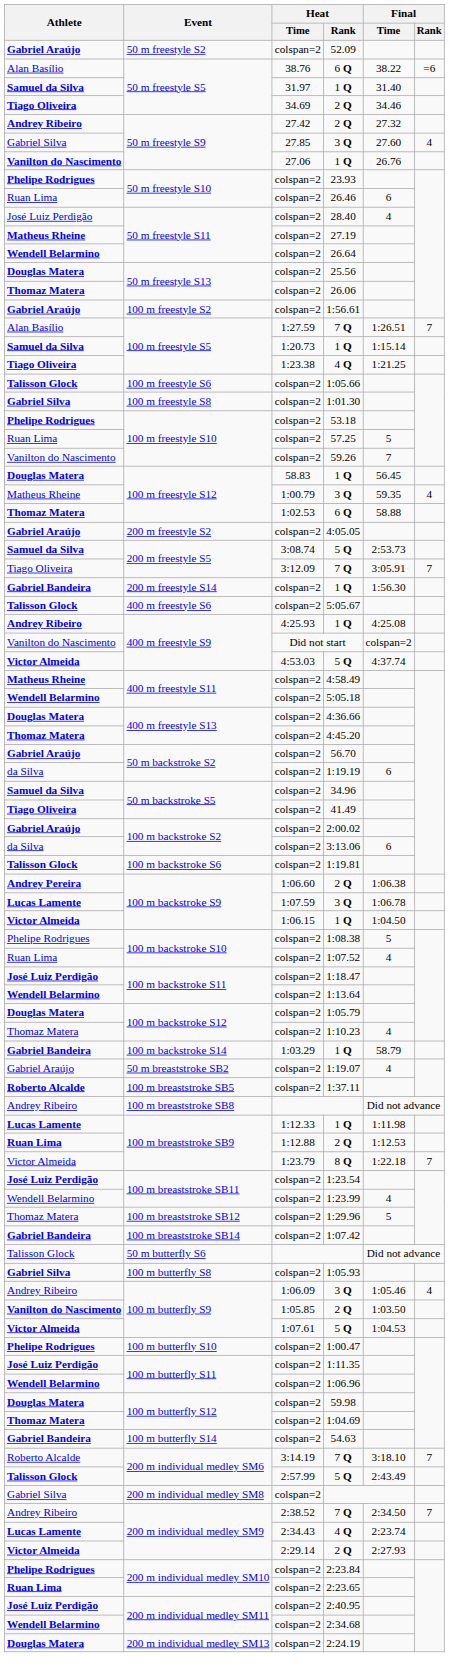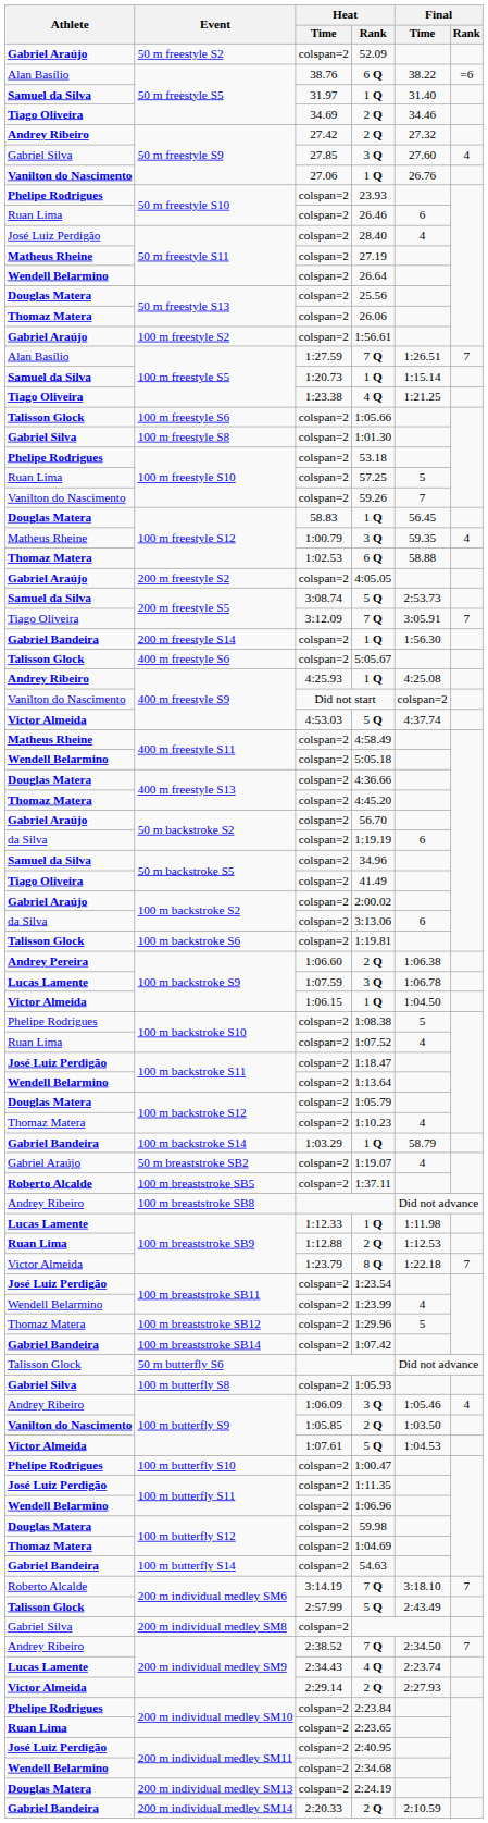 <table class=wikitable style=font-size:90%;text-align:center>
 <tr>
 <th rowspan=2>Athlete</th>
 <th rowspan=2>Event</th>
 <th colspan=2>Heat</th>
 <th colspan=2>Final</th>
 </tr>
 <tr style=font-size:95%>
 <th>Time</th>
 <th>Rank</th>
 <th>Time</th>
 <th>Rank</th>
 </tr>
 <tr align=center>
 <td align=left><strong><a href='#'>Gabriel Araújo</a></strong></td>
 <td align=left><a href='#'>50 m freestyle S2</a></td>
 <td>colspan=2 </td>
 <td>52.09</td>
 <td></td>
 </tr>
 <tr align=center>
 <td align=left><a href='#'>Alan Basílio</a></td>
 <td align=left rowspan=3><a href='#'>50 m freestyle S5</a></td>
 <td>38.76</td>
 <td>6 <strong>Q</strong></td>
 <td>38.22</td>
 <td>=6</td>
 </tr>
 <tr align=center>
 <td align=left><strong><a href='#'>Samuel da Silva</a></strong></td>
 <td>31.97</td>
 <td>1 <strong>Q</strong></td>
 <td>31.40</td>
 <td></td>
 </tr>
 <tr align=center>
 <td align=left><strong><a href='#'>Tiago Oliveira</a></strong></td>
 <td>34.69</td>
 <td>2 <strong>Q</strong></td>
 <td>34.46</td>
 <td></td>
 </tr>
 <tr align=center>
 <td align=left><strong><a href='#'>Andrey Ribeiro</a></strong></td>
 <td align=left rowspan=3><a href='#'>50 m freestyle S9</a></td>
 <td>27.42</td>
 <td>2 <strong>Q</strong></td>
 <td>27.32</td>
 <td></td>
 </tr>
 <tr align=center>
 <td align=left><a href='#'>Gabriel Silva</a></td>
 <td>27.85</td>
 <td>3 <strong>Q</strong></td>
 <td>27.60</td>
 <td>4</td>
 </tr>
 <tr align=center>
 <td align=left><strong><a href='#'>Vanilton do Nascimento</a></strong></td>
 <td>27.06</td>
 <td>1 <strong>Q</strong></td>
 <td>26.76</td>
 <td></td>
 </tr>
 <tr align=center>
 <td align=left><strong><a href='#'>Phelipe Rodrigues</a></strong></td>
 <td align=left rowspan=2><a href='#'>50 m freestyle S10</a></td>
 <td>colspan=2 </td>
 <td>23.93</td>
 <td></td>
 </tr>
 <tr align=center>
 <td align=left><a href='#'>Ruan Lima</a></td>
 <td>colspan=2 </td>
 <td>26.46</td>
 <td>6</td>
 </tr>
 <tr align=center>
 <td align=left><a href='#'>José Luiz Perdigão</a></td>
 <td align=left rowspan=3><a href='#'>50 m freestyle S11</a></td>
 <td>colspan=2 </td>
 <td>28.40</td>
 <td>4</td>
 </tr>
 <tr align=center>
 <td align=left><strong><a href='#'>Matheus Rheine</a></strong></td>
 <td>colspan=2 </td>
 <td>27.19</td>
 <td></td>
 </tr>
 <tr align=center>
 <td align=left><strong><a href='#'>Wendell Belarmino</a></strong></td>
 <td>colspan=2 </td>
 <td>26.64</td>
 <td></td>
 </tr>
 <tr align=center>
 <td align=left><strong><a href='#'>Douglas Matera</a></strong></td>
 <td align=left rowspan=2><a href='#'>50 m freestyle S13</a></td>
 <td>colspan=2 </td>
 <td>25.56</td>
 <td></td>
 </tr>
 <tr align=center>
 <td align=left><strong><a href='#'>Thomaz Matera</a></strong></td>
 <td>colspan=2 </td>
 <td>26.06</td>
 <td></td>
 </tr>
 <tr align=center>
 <td align=left><strong><a href='#'>Gabriel Araújo</a></strong></td>
 <td align=left><a href='#'>100 m freestyle S2</a></td>
 <td>colspan=2 </td>
 <td>1:56.61</td>
 <td></td>
 </tr>
 <tr align=center>
 <td align=left><a href='#'>Alan Basílio</a></td>
 <td align=left rowspan=3><a href='#'>100 m freestyle S5</a></td>
 <td>1:27.59</td>
 <td>7 <strong>Q</strong></td>
 <td>1:26.51</td>
 <td>7</td>
 </tr>
 <tr align=center>
 <td align=left><strong><a href='#'>Samuel da Silva</a></strong></td>
 <td>1:20.73</td>
 <td>1 <strong>Q</strong></td>
 <td>1:15.14</td>
 <td></td>
 </tr>
 <tr align=center>
 <td align=left><strong><a href='#'>Tiago Oliveira</a></strong></td>
 <td>1:23.38</td>
 <td>4 <strong>Q</strong></td>
 <td>1:21.25</td>
 <td></td>
 </tr>
 <tr align=center>
 <td align=left><strong><a href='#'>Talisson Glock</a></strong></td>
 <td align=left><a href='#'>100 m freestyle S6</a></td>
 <td>colspan=2 </td>
 <td>1:05.66</td>
 <td></td>
 </tr>
 <tr align=center>
 <td align=left><strong><a href='#'>Gabriel Silva</a></strong></td>
 <td align=left><a href='#'>100 m freestyle S8</a></td>
 <td>colspan=2 </td>
 <td>1:01.30</td>
 <td></td>
 </tr>
 <tr align=center>
 <td align=left><strong><a href='#'>Phelipe Rodrigues</a></strong></td>
 <td align=left rowspan=3><a href='#'>100 m freestyle S10</a></td>
 <td>colspan=2 </td>
 <td>53.18</td>
 <td></td>
 </tr>
 <tr align=center>
 <td align=left><a href='#'>Ruan Lima</a></td>
 <td>colspan=2 </td>
 <td>57.25</td>
 <td>5</td>
 </tr>
 <tr align=center>
 <td align=left><a href='#'>Vanilton do Nascimento</a></td>
 <td>colspan=2 </td>
 <td>59.26</td>
 <td>7</td>
 </tr>
 <tr align=center>
 <td align=left><strong><a href='#'>Douglas Matera</a></strong></td>
 <td align=left rowspan=3><a href='#'>100 m freestyle S12</a></td>
 <td>58.83</td>
 <td>1 <strong>Q</strong></td>
 <td>56.45</td>
 <td></td>
 </tr>
 <tr align=center>
 <td align=left><a href='#'>Matheus Rheine</a></td>
 <td>1:00.79</td>
 <td>3 <strong>Q</strong></td>
 <td>59.35</td>
 <td>4</td>
 </tr>
 <tr align=center>
 <td align=left><strong><a href='#'>Thomaz Matera</a></strong></td>
 <td>1:02.53</td>
 <td>6 <strong>Q</strong></td>
 <td>58.88</td>
 <td></td>
 </tr>
 <tr align=center>
 <td align=left><strong><a href='#'>Gabriel Araújo</a></strong></td>
 <td align=left><a href='#'>200 m freestyle S2</a></td>
 <td>colspan=2 </td>
 <td>4:05.05</td>
 <td></td>
 </tr>
 <tr align=center>
 <td align=left><strong><a href='#'>Samuel da Silva</a></strong></td>
 <td align=left rowspan=2><a href='#'>200 m freestyle S5</a></td>
 <td>3:08.74</td>
 <td>5 <strong>Q</strong></td>
 <td>2:53.73</td>
 <td></td>
 </tr>
 <tr align=center>
 <td align=left><a href='#'>Tiago Oliveira</a></td>
 <td>3:12.09</td>
 <td>7 <strong>Q</strong></td>
 <td>3:05.91</td>
 <td>7</td>
 </tr>
 <tr align=center>
 <td align=left><strong><a href='#'>Gabriel Bandeira</a></strong></td>
 <td align=left><a href='#'>200 m freestyle S14</a></td>
 <td>colspan=2 </td>
 <td>1 <strong>Q</strong></td>
 <td>1:56.30</td>
 <td></td>
 </tr>
 <tr align=center>
 <td align=left><strong><a href='#'>Talisson Glock</a></strong></td>
 <td align=left><a href='#'>400 m freestyle S6</a></td>
 <td>colspan=2 </td>
 <td>5:05.67</td>
 <td></td>
 </tr>
 <tr align=center>
 <td align=left><strong><a href='#'>Andrey Ribeiro</a></strong></td>
 <td align=left rowspan=3><a href='#'>400 m freestyle S9</a></td>
 <td>4:25.93</td>
 <td>1 <strong>Q</strong></td>
 <td>4:25.08</td>
 <td></td>
 </tr>
 <tr align=center>
 <td align=left><a href='#'>Vanilton do Nascimento</a></td>
 <td colspan=2>Did not start</td>
 <td>colspan=2 </td>
 </tr>
 <tr align=center>
 <td align=left><strong><a href='#'>Victor Almeida</a></strong></td>
 <td>4:53.03</td>
 <td>5 <strong>Q</strong></td>
 <td>4:37.74</td>
 <td></td>
 </tr>
 <tr align=center>
 <td align=left><strong><a href='#'>Matheus Rheine</a></strong></td>
 <td align=left rowspan=2><a href='#'>400 m freestyle S11</a></td>
 <td>colspan=2 </td>
 <td>4:58.49</td>
 <td></td>
 </tr>
 <tr align=center>
 <td align=left><strong><a href='#'>Wendell Belarmino</a></strong></td>
 <td>colspan=2 </td>
 <td>5:05.18</td>
 <td></td>
 </tr>
 <tr align=center>
 <td align=left><strong><a href='#'>Douglas Matera</a></strong></td>
 <td align=left rowspan=2><a href='#'>400 m freestyle S13</a></td>
 <td>colspan=2 </td>
 <td>4:36.66</td>
 <td></td>
 </tr>
 <tr align=center>
 <td align=left><strong><a href='#'>Thomaz Matera</a></strong></td>
 <td>colspan=2 </td>
 <td>4:45.20</td>
 <td></td>
 </tr>
 <tr align=center>
 <td align=left><strong><a href='#'>Gabriel Araújo</a></strong></td>
 <td align=left rowspan=2><a href='#'>50 m backstroke S2</a></td>
 <td>colspan=2 </td>
 <td>56.70</td>
 <td></td>
 </tr>
 <tr align=center>
 <td align=left><a href='#'> da Silva</a></td>
 <td>colspan=2 </td>
 <td>1:19.19</td>
 <td>6</td>
 </tr>
 <tr align=center>
 <td align=left><strong><a href='#'>Samuel da Silva</a></strong></td>
 <td align=left rowspan=2><a href='#'>50 m backstroke S5</a></td>
 <td>colspan=2 </td>
 <td>34.96</td>
 <td></td>
 </tr>
 <tr align=center>
 <td align=left><strong><a href='#'>Tiago Oliveira</a></strong></td>
 <td>colspan=2 </td>
 <td>41.49</td>
 <td></td>
 </tr>
 <tr align=center>
 <td align=left><strong><a href='#'>Gabriel Araújo</a></strong></td>
 <td align=left rowspan=2><a href='#'>100 m backstroke S2</a></td>
 <td>colspan=2 </td>
 <td>2:00.02</td>
 <td></td>
 </tr>
 <tr align=center>
 <td align=left><a href='#'> da Silva</a></td>
 <td>colspan=2 </td>
 <td>3:13.06</td>
 <td>6</td>
 </tr>
 <tr align=center>
 <td align=left><strong><a href='#'>Talisson Glock</a></strong></td>
 <td align=left><a href='#'>100 m backstroke S6</a></td>
 <td>colspan=2 </td>
 <td>1:19.81</td>
 <td></td>
 </tr>
 <tr align=center>
 <td align=left><strong><a href='#'>Andrey Pereira</a></strong></td>
 <td align=left rowspan=3><a href='#'>100 m backstroke S9</a></td>
 <td>1:06.60</td>
 <td>2 <strong>Q</strong></td>
 <td>1:06.38</td>
 <td></td>
 </tr>
 <tr align=center>
 <td align=left><strong><a href='#'>Lucas Lamente</a></strong></td>
 <td>1:07.59</td>
 <td>3 <strong>Q</strong></td>
 <td>1:06.78</td>
 <td></td>
 </tr>
 <tr align=center>
 <td align=left><strong><a href='#'>Victor Almeida</a></strong></td>
 <td>1:06.15</td>
 <td>1 <strong>Q</strong></td>
 <td>1:04.50</td>
 <td></td>
 </tr>
 <tr align=center>
 <td align=left><a href='#'>Phelipe Rodrigues</a></td>
 <td align=left rowspan=2><a href='#'>100 m backstroke S10</a></td>
 <td>colspan=2 </td>
 <td>1:08.38</td>
 <td>5</td>
 </tr>
 <tr align=center>
 <td align=left><a href='#'>Ruan Lima</a></td>
 <td>colspan=2 </td>
 <td>1:07.52</td>
 <td>4</td>
 </tr>
 <tr align=center>
 <td align=left><strong><a href='#'>José Luiz Perdigão</a></strong></td>
 <td align=left rowspan=2><a href='#'>100 m backstroke S11</a></td>
 <td>colspan=2 </td>
 <td>1:18.47</td>
 <td></td>
 </tr>
 <tr align=center>
 <td align=left><strong><a href='#'>Wendell Belarmino</a></strong></td>
 <td>colspan=2 </td>
 <td>1:13.64</td>
 <td></td>
 </tr>
 <tr align=center>
 <td align=left><strong><a href='#'>Douglas Matera</a></strong></td>
 <td align=left rowspan=2><a href='#'>100 m backstroke S12</a></td>
 <td>colspan=2 </td>
 <td>1:05.79</td>
 <td></td>
 </tr>
 <tr align=center>
 <td align=left><a href='#'>Thomaz Matera</a></td>
 <td>colspan=2 </td>
 <td>1:10.23</td>
 <td>4</td>
 </tr>
 <tr align=center>
 <td align=left><strong><a href='#'>Gabriel Bandeira</a></strong></td>
 <td align=left><a href='#'>100 m backstroke S14</a></td>
 <td>1:03.29</td>
 <td>1 <strong>Q</strong></td>
 <td>58.79</td>
 <td></td>
 </tr>
 <tr align=center>
 <td align=left><a href='#'>Gabriel Araújo</a></td>
 <td align=left><a href='#'>50 m breaststroke SB2</a></td>
 <td>colspan=2 </td>
 <td>1:19.07</td>
 <td>4</td>
 </tr>
 <tr align=center>
 <td align=left><strong><a href='#'>Roberto Alcalde</a></strong></td>
 <td align=left><a href='#'>100 m breaststroke SB5</a></td>
 <td>colspan=2 </td>
 <td>1:37.11</td>
 <td></td>
 </tr>
 <tr align=center>
 <td align=left><a href='#'>Andrey Ribeiro</a></td>
 <td align=left><a href='#'>100 m breaststroke SB8</a></td>
 <td colspan=2></td>
 <td colspan=2>Did not advance</td>
 </tr>
 <tr align=center>
 <td align=left><strong><a href='#'>Lucas Lamente</a></strong></td>
 <td align=left rowspan=3><a href='#'>100 m breaststroke SB9</a></td>
 <td>1:12.33</td>
 <td>1 <strong>Q</strong></td>
 <td>1:11.98</td>
 <td></td>
 </tr>
 <tr align=center>
 <td align=left><strong><a href='#'>Ruan Lima</a></strong></td>
 <td>1:12.88</td>
 <td>2 <strong>Q</strong></td>
 <td>1:12.53</td>
 <td></td>
 </tr>
 <tr align=center>
 <td align=left><a href='#'>Victor Almeida</a></td>
 <td>1:23.79</td>
 <td>8 <strong>Q</strong></td>
 <td>1:22.18</td>
 <td>7</td>
 </tr>
 <tr align=center>
 <td align=left><strong><a href='#'>José Luiz Perdigão</a></strong></td>
 <td align=left rowspan=2><a href='#'>100 m breaststroke SB11</a></td>
 <td>colspan=2 </td>
 <td>1:23.54</td>
 <td></td>
 </tr>
 <tr align=center>
 <td align=left><a href='#'>Wendell Belarmino</a></td>
 <td>colspan=2 </td>
 <td>1:23.99</td>
 <td>4</td>
 </tr>
 <tr align=center>
 <td align=left><a href='#'>Thomaz Matera</a></td>
 <td align=left><a href='#'>100 m breaststroke SB12</a></td>
 <td>colspan=2 </td>
 <td>1:29.96</td>
 <td>5</td>
 </tr>
 <tr align=center>
 <td align=left><strong><a href='#'>Gabriel Bandeira</a></strong></td>
 <td align=left><a href='#'>100 m breaststroke SB14</a></td>
 <td>colspan=2 </td>
 <td>1:07.42</td>
 <td></td>
 </tr>
 <tr align=center>
 <td align=left><a href='#'>Talisson Glock</a></td>
 <td align=left><a href='#'>50 m butterfly S6</a></td>
 <td colspan=2></td>
 <td colspan=2>Did not advance</td>
 </tr>
 <tr align=center>
 <td align=left><strong><a href='#'>Gabriel Silva</a></strong></td>
 <td align=left><a href='#'>100 m butterfly S8</a></td>
 <td>colspan=2 </td>
 <td>1:05.93</td>
 <td></td>
 </tr>
 <tr align=center>
 <td align=left><a href='#'>Andrey Ribeiro</a></td>
 <td align=left rowspan=3><a href='#'>100 m butterfly S9</a></td>
 <td>1:06.09</td>
 <td>3 <strong>Q</strong></td>
 <td>1:05.46</td>
 <td>4</td>
 </tr>
 <tr align=center>
 <td align=left><strong><a href='#'>Vanilton do Nascimento</a></strong></td>
 <td>1:05.85</td>
 <td>2 <strong>Q</strong></td>
 <td>1:03.50</td>
 <td></td>
 </tr>
 <tr align=center>
 <td align=left><strong><a href='#'>Victor Almeida</a></strong></td>
 <td>1:07.61</td>
 <td>5 <strong>Q</strong></td>
 <td>1:04.53</td>
 <td></td>
 </tr>
 <tr align=center>
 <td align=left><strong><a href='#'>Phelipe Rodrigues</a></strong></td>
 <td align=left><a href='#'>100 m butterfly S10</a></td>
 <td>colspan=2 </td>
 <td>1:00.47</td>
 <td></td>
 </tr>
 <tr align=center>
 <td align=left><strong><a href='#'>José Luiz Perdigão</a></strong></td>
 <td align=left rowspan=2><a href='#'>100 m butterfly S11</a></td>
 <td>colspan=2 </td>
 <td>1:11.35</td>
 <td></td>
 </tr>
 <tr align=center>
 <td align=left><strong><a href='#'>Wendell Belarmino</a></strong></td>
 <td>colspan=2 </td>
 <td>1:06.96</td>
 <td></td>
 </tr>
 <tr align=center>
 <td align=left><strong><a href='#'>Douglas Matera</a></strong></td>
 <td align=left rowspan=2><a href='#'>100 m butterfly S12</a></td>
 <td>colspan=2 </td>
 <td>59.98</td>
 <td></td>
 </tr>
 <tr align=center>
 <td align=left><strong><a href='#'>Thomaz Matera</a></strong></td>
 <td>colspan=2 </td>
 <td>1:04.69</td>
 <td></td>
 </tr>
 <tr align=center>
 <td align=left><strong><a href='#'>Gabriel Bandeira</a></strong></td>
 <td align=left><a href='#'>100 m butterfly S14</a></td>
 <td>colspan=2 </td>
 <td>54.63</td>
 <td></td>
 </tr>
 <tr align=center>
 <td align=left><a href='#'>Roberto Alcalde</a></td>
 <td align=left rowspan=2><a href='#'>200 m individual medley SM6</a></td>
 <td>3:14.19</td>
 <td>7 <strong>Q</strong></td>
 <td>3:18.10</td>
 <td>7</td>
 </tr>
 <tr align=center>
 <td align=left><strong><a href='#'>Talisson Glock</a></strong></td>
 <td>2:57.99</td>
 <td>5 <strong>Q</strong></td>
 <td>2:43.49</td>
 <td></td>
 </tr>
 <tr align=center>
 <td align=left><a href='#'>Gabriel Silva</a></td>
 <td align=left><a href='#'>200 m individual medley SM8</a></td>
 <td>colspan=2 </td>
 <td colspan=2></td>
 </tr>
 <tr align=center>
 <td align=left><a href='#'>Andrey Ribeiro</a></td>
 <td align=left rowspan=3><a href='#'>200 m individual medley SM9</a></td>
 <td>2:38.52</td>
 <td>7 <strong>Q</strong></td>
 <td>2:34.50</td>
 <td>7</td>
 </tr>
 <tr align=center>
 <td align=left><strong><a href='#'>Lucas Lamente</a></strong></td>
 <td>2:34.43</td>
 <td>4 <strong>Q</strong></td>
 <td>2:23.74</td>
 <td></td>
 </tr>
 <tr align=center>
 <td align=left><strong><a href='#'>Victor Almeida</a></strong></td>
 <td>2:29.14</td>
 <td>2 <strong>Q</strong></td>
 <td>2:27.93</td>
 <td></td>
 </tr>
 <tr align=center>
 <td align=left><strong><a href='#'>Phelipe Rodrigues</a></strong></td>
 <td align=left rowspan=2><a href='#'>200 m individual medley SM10</a></td>
 <td>colspan=2 </td>
 <td>2:23.84</td>
 <td></td>
 </tr>
 <tr align=center>
 <td align=left><strong><a href='#'>Ruan Lima</a></strong></td>
 <td>colspan=2 </td>
 <td>2:23.65</td>
 <td></td>
 </tr>
 <tr align=center>
 <td align=left><strong><a href='#'>José Luiz Perdigão</a></strong></td>
 <td align=left rowspan=2><a href='#'>200 m individual medley SM11</a></td>
 <td>colspan=2 </td>
 <td>2:40.95</td>
 <td></td>
 </tr>
 <tr align=center>
 <td align=left><strong><a href='#'>Wendell Belarmino</a></strong></td>
 <td>colspan=2 </td>
 <td>2:34.68</td>
 <td></td>
 </tr>
 <tr align=center>
 <td align=left><strong><a href='#'>Douglas Matera</a></strong></td>
 <td align=left><a href='#'>200 m individual medley SM13</a></td>
 <td>colspan=2 </td>
 <td>2:24.19</td>
 <td></td>
 </tr>
+<tr align=center>
+<td align=left><strong><a href='#'>Gabriel Bandeira</a></strong></td>
+<td align=left><a href='#'>200 m individual medley SM14</a></td>
+<td>2:20.33</td>
+<td>2 <strong>Q</strong></td>
+<td>2:10.59</td>
+<td></td>
+</tr>
 </table>
